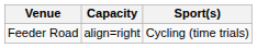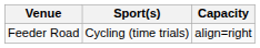 <table class="wikitable sortable">
 <tr>
 <th>Venue</th>
+<th>Sport(s)</th>
 <th>Capacity</th>
-<th>Sport(s)</th>
 </tr>
 <tr>
 <td>Feeder Road</td>
+<td>Cycling (time trials)</td>
 <td>align=right </td>
-<td>Cycling (time trials)</td>
 </tr>
 </table>
